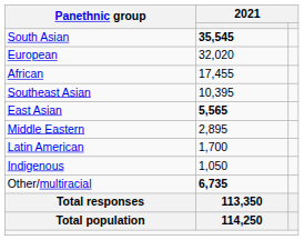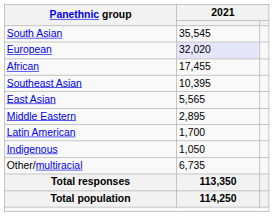 <table class="wikitable collapsible sortable">
 <tr>
 <th rowspan="2"><a href='#'>Panethnic</a> group</th>
 <th colspan="2">2021</th>
 </tr>
 <tr>
 <th><a href='#'></a></th>
 <th></th>
 </tr>
 <tr>
 <td><a href='#'>South Asian</a></td>
-<td><strong>35,545</strong></td>
+<td>35,545</td>
 <td></td>
 </tr>
 <tr>
 <td><a href='#'>European</a></td>
-<td>32,020</td>
+<td style="background: lavender;">32,020</td>
 <td></td>
 </tr>
 <tr>
 <td><a href='#'>African</a></td>
 <td>17,455</td>
 <td></td>
 </tr>
 <tr>
 <td><a href='#'>Southeast Asian</a></td>
 <td>10,395</td>
 <td></td>
 </tr>
 <tr>
 <td><a href='#'>East Asian</a></td>
-<td><strong>5,565</strong></td>
+<td>5,565</td>
 <td></td>
 </tr>
 <tr>
 <td><a href='#'>Middle Eastern</a></td>
 <td>2,895</td>
 <td></td>
 </tr>
 <tr>
 <td><a href='#'>Latin American</a></td>
 <td>1,700</td>
 <td></td>
 </tr>
 <tr>
 <td><a href='#'>Indigenous</a></td>
 <td>1,050</td>
 <td></td>
 </tr>
 <tr>
 <td>Other/<a href='#'>multiracial</a></td>
-<td><strong>6,735</strong></td>
+<td>6,735</td>
 <td></td>
 </tr>
 <tr>
 <th>Total responses</th>
 <th>113,350</th>
 <th></th>
 </tr>
 <tr class="sortbottom">
 <th>Total population</th>
 <th>114,250</th>
 <th></th>
 </tr>
 <tr class="sortbottom">
 <td colspan="15" style="width: 25em;"></td>
 </tr>
 </table>
